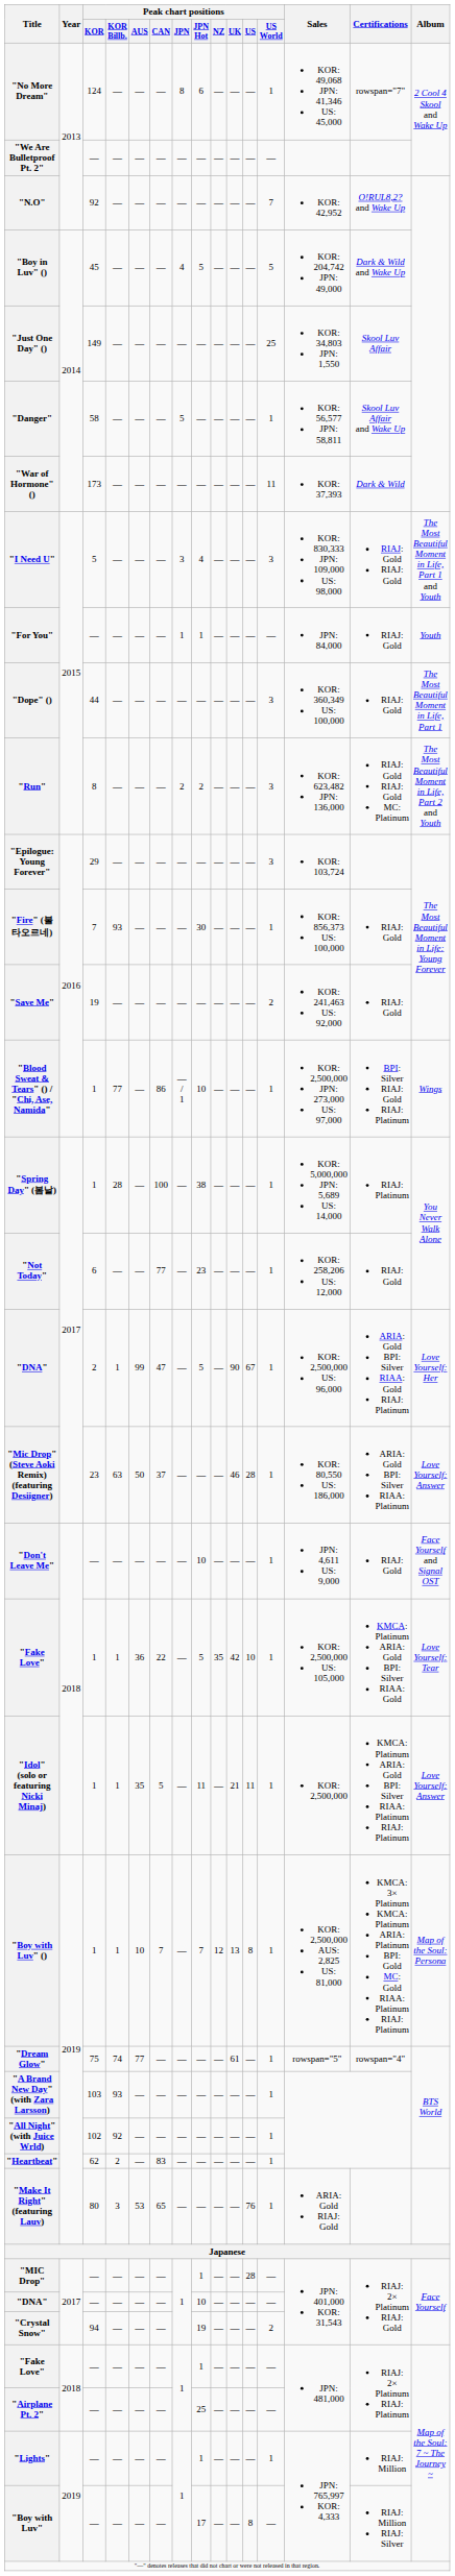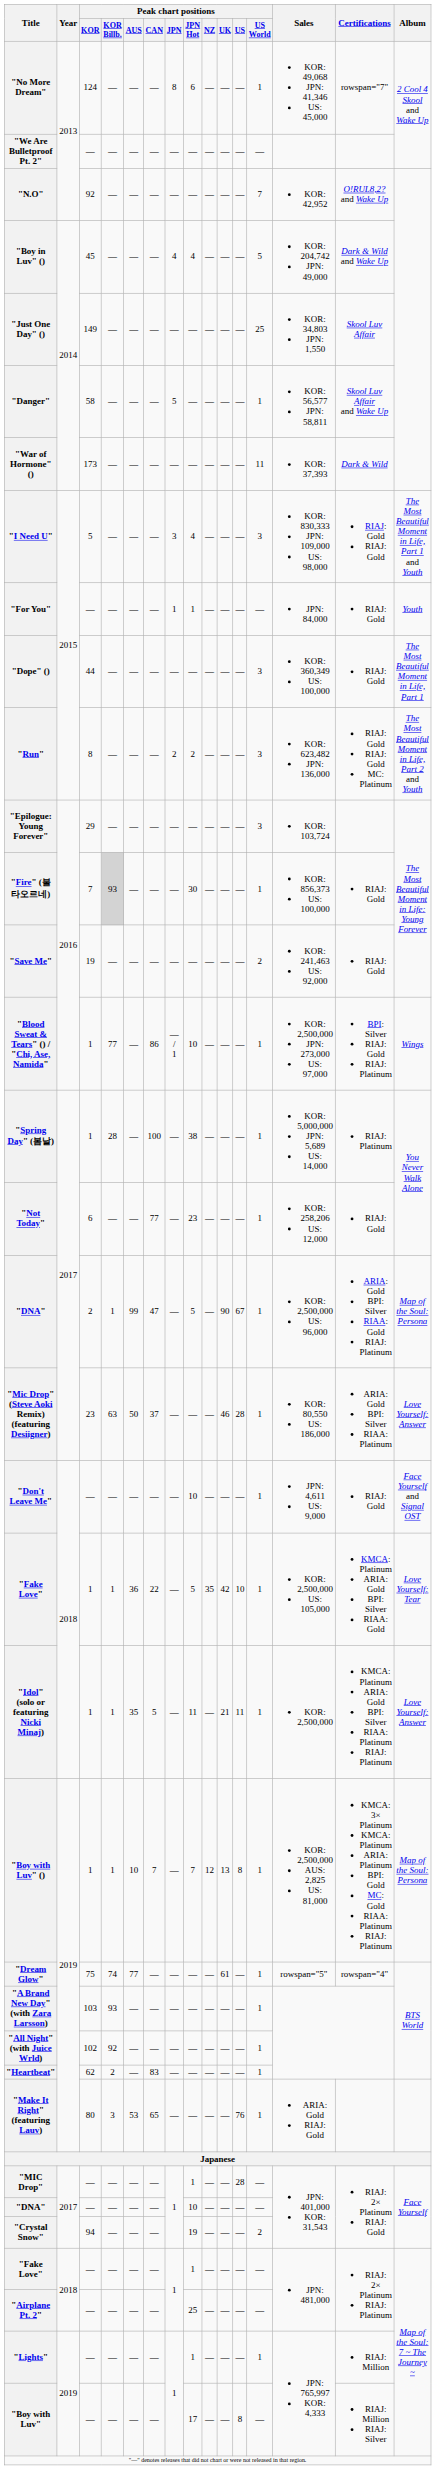 <table class="wikitable plainrowheaders" style="text-align:center;">
 <tr>
 <th scope="col" rowspan="2" style="width:16em;">Title</th>
 <th scope="col" rowspan="2">Year</th>
 <th scope="col" colspan="10">Peak chart positions </th>
 <th scope="col" rowspan="2" style="width:11.5em;">Sales<br></th>
 <th scope="col" rowspan="2" style="width:12.5em;"><a href='#'>Certifications</a><br></th>
 <th scope="col" rowspan="2">Album</th>
 </tr>
 <tr>
 <th scope="col" style="width:2.7em;font-size:90%;"><a href='#'>KOR</a><br></th>
 <th scope="col" style="width:2.7em;font-size:90%;"><a href='#'>KOR<br>Billb.</a><br></th>
 <th scope="col" style="width:2.7em;font-size:90%;"><a href='#'>AUS</a><br></th>
 <th scope="col" style="width:2.7em;font-size:90%;"><a href='#'>CAN</a><br></th>
 <th scope="col" style="width:2.7em;font-size:90%;"><a href='#'>JPN</a><br></th>
 <th scope="col" style="width:2.7em;font-size:90%;"><a href='#'>JPN<br>Hot</a><br></th>
 <th scope="col" style="width:2.7em;font-size:90%;"><a href='#'>NZ</a><br></th>
 <th scope="col" style="width:2.7em;font-size:90%;"><a href='#'>UK</a><br></th>
 <th scope="col" style="width:2.7em;font-size:90%;"><a href='#'>US</a><br></th>
 <th scope="col" style="width:2.7em;font-size:90%;"><a href='#'>US<br>World</a><br></th>
 </tr>
 <tr>
 <th scope="row">"No More Dream"</th>
 <td rowspan="3">2013</td>
 <td>124</td>
 <td>—</td>
 <td>—</td>
 <td>—</td>
 <td>8</td>
 <td>6</td>
 <td>—</td>
 <td>—</td>
 <td>—</td>
 <td>1</td>
 <td><br><ul><li>KOR: 49,068</li><li>JPN: 41,346</li><li>US: 45,000</li></ul></td>
 <td>rowspan="7" </td>
 <td rowspan="2"><em><a href='#'>2 Cool 4 Skool</a></em><br>and <em><a href='#'>Wake Up</a></em></td>
 </tr>
 <tr>
 <th scope="row">"We Are Bulletproof Pt. 2"</th>
 <td>—</td>
 <td>—</td>
 <td>—</td>
 <td>—</td>
 <td>—</td>
 <td>—</td>
 <td>—</td>
 <td>—</td>
 <td>—</td>
 <td>—</td>
 <td></td>
 </tr>
 <tr>
 <th scope="row">"N.O"</th>
 <td>92</td>
 <td>—</td>
 <td>—</td>
 <td>—</td>
 <td>—</td>
 <td>—</td>
 <td>—</td>
 <td>—</td>
 <td>—</td>
 <td>7</td>
 <td><br><ul><li>KOR: 42,952</li></ul></td>
 <td><em><a href='#'>O!RUL8,2?</a></em><br>and <em><a href='#'>Wake Up</a></em></td>
 </tr>
 <tr>
 <th scope="row">"Boy in Luv" ()</th>
 <td rowspan="4">2014</td>
 <td>45</td>
 <td>—</td>
 <td>—</td>
 <td>—</td>
 <td>4</td>
-<td>5</td>
+<td>4</td>
 <td>—</td>
 <td>—</td>
 <td>—</td>
 <td>5</td>
 <td><br><ul><li>KOR: 204,742</li><li>JPN: 49,000</li></ul></td>
 <td><em><a href='#'>Dark & Wild</a></em><br>and <em><a href='#'>Wake Up</a></em></td>
 </tr>
 <tr>
 <th scope="row">"Just One Day" ()</th>
 <td>149</td>
 <td>—</td>
 <td>—</td>
 <td>—</td>
 <td>—</td>
 <td>—</td>
 <td>—</td>
 <td>—</td>
 <td>—</td>
 <td>25</td>
 <td><br><ul><li>KOR: 34,803</li><li>JPN: 1,550</li></ul></td>
 <td><em><a href='#'>Skool Luv Affair</a></em></td>
 </tr>
 <tr>
 <th scope="row">"Danger"</th>
 <td>58</td>
 <td>—</td>
 <td>—</td>
 <td>—</td>
 <td>5</td>
 <td>—</td>
 <td>—</td>
 <td>—</td>
 <td>—</td>
 <td>1</td>
 <td><br><ul><li>KOR: 56,577</li><li>JPN: 58,811</li></ul></td>
 <td><em><a href='#'>Skool Luv Affair</a></em><br> and <em><a href='#'>Wake Up</a></em></td>
 </tr>
 <tr>
 <th scope="row">"War of Hormone" ()</th>
 <td>173</td>
 <td>—</td>
 <td>—</td>
 <td>—</td>
 <td>—</td>
 <td>—</td>
 <td>—</td>
 <td>—</td>
 <td>—</td>
 <td>11</td>
 <td><br><ul><li>KOR: 37,393</li></ul></td>
 <td><em><a href='#'>Dark & Wild</a></em></td>
 </tr>
 <tr>
 <th scope="row">"<a href='#'>I Need U</a>"</th>
 <td rowspan="4">2015</td>
 <td>5</td>
 <td>—</td>
 <td>—</td>
 <td>—</td>
 <td>3</td>
 <td>4</td>
 <td>—</td>
 <td>—</td>
 <td>—</td>
 <td>3</td>
 <td><br><ul><li>KOR: 830,333</li><li>JPN: 109,000</li><li>US: 98,000</li></ul></td>
 <td><br><ul><li><a href='#'>RIAJ</a>: Gold</li><li>RIAJ: Gold</li></ul></td>
 <td><em><a href='#'>The Most Beautiful Moment in Life, Part 1</a></em><br>and <em><a href='#'>Youth</a></em></td>
 </tr>
 <tr>
 <th scope="row">"For You"</th>
 <td>—</td>
 <td>—</td>
 <td>—</td>
 <td>—</td>
 <td>1</td>
 <td>1</td>
 <td>—</td>
 <td>—</td>
 <td>—</td>
 <td>—</td>
 <td><br><ul><li>JPN: 84,000</li></ul></td>
 <td><br><ul><li>RIAJ: Gold</li></ul></td>
 <td><em><a href='#'>Youth</a></em></td>
 </tr>
 <tr>
 <th scope="row">"Dope" ()</th>
 <td>44</td>
 <td>—</td>
 <td>—</td>
 <td>—</td>
 <td>—</td>
 <td>—</td>
 <td>—</td>
 <td>—</td>
 <td>—</td>
 <td>3</td>
 <td><br><ul><li>KOR: 360,349</li><li>US: 100,000</li></ul></td>
 <td><br><ul><li>RIAJ: Gold</li></ul></td>
 <td><em><a href='#'>The Most Beautiful Moment in Life, Part 1</a></em></td>
 </tr>
 <tr>
 <th scope="row">"<a href='#'>Run</a>"</th>
 <td>8</td>
 <td>—</td>
 <td>—</td>
 <td>—</td>
 <td>2</td>
 <td>2</td>
 <td>—</td>
 <td>—</td>
 <td>—</td>
 <td>3</td>
 <td><br><ul><li>KOR: 623,482</li><li>JPN: 136,000</li></ul></td>
 <td><br><ul><li>RIAJ: Gold</li><li>RIAJ: Gold</li><li>MC: Platinum</li></ul></td>
 <td><em><a href='#'>The Most Beautiful Moment in Life, Part 2</a></em><br>and <em><a href='#'>Youth</a></em></td>
 </tr>
 <tr>
 <th scope="row">"Epilogue: Young Forever"</th>
 <td rowspan="4">2016</td>
 <td>29</td>
 <td>—</td>
 <td>—</td>
 <td>—</td>
 <td>—</td>
 <td>—</td>
 <td>—</td>
 <td>—</td>
 <td>—</td>
 <td>3</td>
 <td><br><ul><li>KOR: 103,724</li></ul></td>
 <td></td>
 <td rowspan="3"><em><a href='#'>The Most Beautiful Moment in Life: Young Forever</a></em></td>
 </tr>
 <tr>
 <th scope="row">"<a href='#'>Fire</a>" (불타오르네)</th>
 <td>7</td>
-<td>93</td>
+<td style="background: lightgrey;">93</td>
 <td>—</td>
 <td>—</td>
 <td>—</td>
 <td>30</td>
 <td>—</td>
 <td>—</td>
 <td>—</td>
 <td>1</td>
 <td><br><ul><li>KOR: 856,373</li><li>US: 100,000</li></ul></td>
 <td><br><ul><li>RIAJ: Gold</li></ul></td>
 </tr>
 <tr>
 <th scope="row">"<a href='#'>Save Me</a>"</th>
 <td>19</td>
 <td>—</td>
 <td>—</td>
 <td>—</td>
 <td>—</td>
 <td>—</td>
 <td>—</td>
 <td>—</td>
 <td>—</td>
 <td>2</td>
 <td><br><ul><li>KOR: 241,463</li><li>US: 92,000</li></ul></td>
 <td><br><ul><li>RIAJ: Gold</li></ul></td>
 </tr>
 <tr>
 <th scope="row">"<a href='#'>Blood Sweat & Tears</a>" () / "<a href='#'>Chi, Ase, Namida</a>" </th>
 <td>1</td>
 <td>77</td>
 <td>—</td>
 <td>86</td>
 <td>—<br>/<br>1</td>
 <td>10</td>
 <td>—</td>
 <td>—</td>
 <td>—</td>
 <td>1</td>
 <td><br><ul><li>KOR: 2,500,000</li><li>JPN: 273,000</li><li>US: 97,000</li></ul></td>
 <td><br><ul><li><a href='#'>BPI</a>: Silver</li><li>RIAJ: Gold</li><li>RIAJ: Platinum</li></ul></td>
 <td><em><a href='#'>Wings</a></em></td>
 </tr>
 <tr>
 <th scope="row">"<a href='#'>Spring Day</a>" (봄날)</th>
 <td rowspan="4">2017</td>
 <td>1</td>
 <td>28</td>
 <td>—</td>
 <td>100</td>
 <td>—</td>
 <td>38</td>
 <td>—</td>
 <td>—</td>
 <td>—</td>
 <td>1</td>
 <td><br><ul><li>KOR: 5,000,000</li><li>JPN: 5,689</li><li>US: 14,000</li></ul></td>
 <td><br><ul><li>RIAJ: Platinum</li></ul></td>
 <td rowspan="2"><em><a href='#'>You Never Walk Alone</a></em></td>
 </tr>
 <tr>
 <th scope="row">"<a href='#'>Not Today</a>"</th>
 <td>6</td>
 <td>—</td>
 <td>—</td>
 <td>77</td>
 <td>—</td>
 <td>23</td>
 <td>—</td>
 <td>—</td>
 <td>—</td>
 <td>1</td>
 <td><br><ul><li>KOR: 258,206</li><li>US: 12,000</li></ul></td>
 <td><br><ul><li>RIAJ: Gold</li></ul></td>
 </tr>
 <tr>
 <th scope="row">"<a href='#'>DNA</a>"</th>
 <td>2</td>
 <td>1</td>
 <td>99</td>
 <td>47</td>
 <td>—</td>
 <td>5</td>
 <td>—</td>
 <td>90</td>
 <td>67</td>
 <td>1</td>
 <td><br><ul><li>KOR: 2,500,000</li><li>US: 96,000</li></ul></td>
 <td><br><ul><li><a href='#'>ARIA</a>: Gold</li><li>BPI: Silver</li><li><a href='#'>RIAA</a>: Gold</li><li>RIAJ: Platinum</li></ul></td>
-<td><em><a href='#'>Love Yourself: Her</a></em></td>
+<td><em><a href='#'>Map of the Soul: Persona</a></em></td>
 </tr>
 <tr>
 <th scope="row">"<a href='#'>Mic Drop</a>" <span>(<a href='#'>Steve Aoki</a> Remix)</span> <br><span>(featuring <a href='#'>Desiigner</a>)</span></th>
 <td>23</td>
 <td>63</td>
 <td>50</td>
 <td>37</td>
 <td>—</td>
 <td>—</td>
 <td>—</td>
 <td>46</td>
 <td>28</td>
 <td>1</td>
 <td><br><ul><li>KOR: 80,550</li><li>US: 186,000</li></ul></td>
 <td><br><ul><li>ARIA: Gold</li><li>BPI: Silver</li><li>RIAA: Platinum</li></ul></td>
 <td><em><a href='#'>Love Yourself: Answer</a></em></td>
 </tr>
 <tr>
 <th scope="row">"<a href='#'>Don't Leave Me</a>"</th>
 <td rowspan="3">2018</td>
 <td>—</td>
 <td>—</td>
 <td>—</td>
 <td>—</td>
 <td>—</td>
 <td>10</td>
 <td>—</td>
 <td>—</td>
 <td>—</td>
 <td>1</td>
 <td><br><ul><li>JPN: 4,611 </li><li>US: 9,000</li></ul></td>
 <td><br><ul><li>RIAJ: Gold</li></ul></td>
 <td><em><a href='#'>Face Yourself</a></em><br>and <em><a href='#'>Signal OST</a></em></td>
 </tr>
 <tr>
 <th scope="row">"<a href='#'>Fake Love</a>"</th>
 <td>1</td>
 <td>1</td>
 <td>36</td>
 <td>22</td>
 <td>—</td>
 <td>5</td>
 <td>35</td>
 <td>42</td>
 <td>10</td>
 <td>1</td>
 <td><br><ul><li>KOR: 2,500,000</li><li>US: 105,000</li></ul></td>
 <td><br><ul><li><a href='#'>KMCA</a>: Platinum</li><li>ARIA: Gold</li><li>BPI: Silver</li><li>RIAA: Gold</li></ul></td>
 <td><em><a href='#'>Love Yourself: Tear</a></em></td>
 </tr>
 <tr>
 <th scope="row">"<a href='#'>Idol</a>"<br><span>(solo or featuring <a href='#'>Nicki Minaj</a>)</span></th>
 <td>1</td>
 <td>1</td>
 <td>35</td>
 <td>5</td>
 <td>—</td>
 <td>11</td>
 <td>—</td>
 <td>21</td>
 <td>11</td>
 <td>1</td>
 <td><br><ul><li>KOR: 2,500,000</li></ul></td>
 <td><br><ul><li>KMCA: Platinum</li><li>ARIA: Gold</li><li>BPI: Silver</li><li>RIAA: Platinum</li><li>RIAJ: Platinum</li></ul></td>
 <td><em><a href='#'>Love Yourself: Answer</a></em></td>
 </tr>
 <tr>
 <th scope="row">"<a href='#'>Boy with Luv</a>" ()<br></th>
 <td rowspan="6">2019</td>
 <td>1</td>
 <td>1</td>
 <td>10</td>
 <td>7</td>
 <td>—</td>
 <td>7</td>
 <td>12</td>
 <td>13</td>
 <td>8</td>
 <td>1</td>
 <td><br><ul><li>KOR: 2,500,000</li><li>AUS: 2,825</li><li>US: 81,000</li></ul></td>
 <td><br><ul><li>KMCA: 3× Platinum</li><li>KMCA: Platinum</li><li>ARIA: Platinum</li><li>BPI: Gold</li><li><a href='#'>MC</a>: Gold</li><li>RIAA: Platinum</li><li>RIAJ: Platinum</li></ul></td>
 <td><em><a href='#'>Map of the Soul: Persona</a></em></td>
 </tr>
 <tr>
 <th scope="row">"<a href='#'>Dream Glow</a>"<br></th>
 <td>75</td>
 <td>74</td>
 <td>77</td>
 <td>—</td>
 <td>—</td>
 <td>—</td>
 <td>—</td>
 <td>61</td>
 <td>—</td>
 <td>1</td>
 <td>rowspan="5" </td>
 <td>rowspan="4" </td>
 <td rowspan="4"><em><a href='#'>BTS World</a></em></td>
 </tr>
 <tr>
 <th scope="row">"<a href='#'>A Brand New Day</a>"<br><span>(with <a href='#'>Zara Larsson</a>)</span></th>
 <td>103</td>
 <td>93</td>
 <td>—</td>
 <td>—</td>
 <td>—</td>
 <td>—</td>
 <td>—</td>
 <td>—</td>
 <td>—</td>
 <td>1</td>
 </tr>
 <tr>
 <th scope="row">"<a href='#'>All Night</a>"<br><span>(with <a href='#'>Juice Wrld</a>)</span></th>
 <td>102</td>
 <td>92</td>
 <td>—</td>
 <td>—</td>
 <td>—</td>
 <td>—</td>
 <td>—</td>
 <td>—</td>
 <td>—</td>
 <td>1</td>
 </tr>
 <tr>
 <th scope="row">"<a href='#'>Heartbeat</a>"</th>
 <td>62</td>
 <td>2</td>
 <td>—</td>
 <td>83</td>
 <td>—</td>
 <td>—</td>
 <td>—</td>
 <td>—</td>
 <td>—</td>
 <td>1</td>
 </tr>
 <tr>
 <th scope="row">"<a href='#'>Make It Right</a>"<br><span>(featuring <a href='#'>Lauv</a>)</span></th>
 <td>80</td>
 <td>3</td>
 <td>53</td>
 <td>65</td>
 <td>—</td>
 <td>—</td>
 <td>—</td>
 <td>—</td>
 <td>76</td>
 <td>1</td>
 <td><br><ul><li>ARIA: Gold</li><li>RIAJ: Gold</li></ul></td>
 <td></td>
 </tr>
 <tr>
 <th colspan="15">Japanese</th>
 </tr>
 <tr>
 <th scope="row">"MIC Drop"</th>
 <td rowspan="3">2017</td>
 <td>—</td>
 <td>—</td>
 <td>—</td>
 <td>—</td>
 <td rowspan="3">1</td>
 <td>1</td>
 <td>—</td>
 <td>—</td>
 <td>28</td>
 <td>—</td>
 <td rowspan="3"><br><ul><li>JPN: 401,000</li><li>KOR: 31,543</li></ul></td>
 <td rowspan="3"><br><ul><li>RIAJ: 2× Platinum</li><li>RIAJ: Gold</li></ul></td>
 <td rowspan="3"><em><a href='#'>Face Yourself</a></em></td>
 </tr>
 <tr>
 <th scope="row">"DNA"</th>
 <td>—</td>
 <td>—</td>
 <td>—</td>
 <td>—</td>
 <td>10</td>
 <td>—</td>
 <td>—</td>
 <td>—</td>
 <td>—</td>
 </tr>
 <tr>
 <th scope="row">"Crystal Snow"</th>
 <td>94</td>
 <td>—</td>
 <td>—</td>
 <td>—</td>
 <td>19</td>
 <td>—</td>
 <td>—</td>
 <td>—</td>
 <td>2</td>
 </tr>
 <tr>
 <th scope="row">"Fake Love"</th>
 <td rowspan="2">2018</td>
 <td>—</td>
 <td>—</td>
 <td>—</td>
 <td>—</td>
 <td rowspan="2">1</td>
 <td>1</td>
 <td>—</td>
 <td>—</td>
 <td>—</td>
 <td>—</td>
 <td rowspan="2"><br><ul><li>JPN: 481,000</li></ul></td>
 <td rowspan="2"><br><ul><li>RIAJ: 2× Platinum</li><li>RIAJ: Platinum</li></ul></td>
 <td rowspan="4"><em><a href='#'>Map of the Soul: 7 ~ The Journey ~</a></em></td>
 </tr>
 <tr>
 <th scope="row">"<a href='#'>Airplane Pt. 2</a>"</th>
 <td>—</td>
 <td>—</td>
 <td>—</td>
 <td>—</td>
 <td>25</td>
 <td>—</td>
 <td>—</td>
 <td>—</td>
 <td>—</td>
 </tr>
 <tr>
 <th scope="row">"<a href='#'>Lights</a>"</th>
 <td rowspan="2">2019</td>
 <td>—</td>
 <td>—</td>
 <td>—</td>
 <td>—</td>
 <td rowspan="2">1</td>
 <td>1</td>
 <td>—</td>
 <td>—</td>
 <td>—</td>
 <td>1</td>
 <td rowspan="2"><br><ul><li>JPN: 765,997</li><li>KOR: 4,333</li></ul></td>
 <td><br><ul><li>RIAJ: Million</li></ul></td>
 </tr>
 <tr>
 <th scope="row">"Boy with Luv"</th>
 <td>—</td>
 <td>—</td>
 <td>—</td>
 <td>—</td>
 <td>17</td>
 <td>—</td>
 <td>—</td>
 <td>8</td>
 <td>—</td>
 <td><br><ul><li>RIAJ: Million</li><li>RIAJ: Silver</li></ul></td>
 </tr>
 <tr>
 <td colspan="17" style="font-size:8pt">"—" denotes releases that did not chart or were not released in that region.</td>
 </tr>
 </table>
